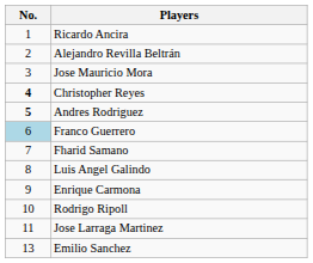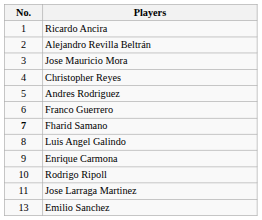 <table class="wikitable" style="text-align: center; width:25%">
 <tr>
 <th>No.</th>
 <th>Players</th>
 </tr>
 <tr>
 <td>1</td>
 <td align="left">Ricardo Ancira</td>
 </tr>
 <tr>
 <td>2</td>
 <td align="left">Alejandro Revilla Beltrán</td>
 </tr>
 <tr>
 <td>3</td>
 <td align="left">Jose Mauricio Mora</td>
 </tr>
 <tr>
-<td><strong>4</strong></td>
+<td>4</td>
 <td align="left">Christopher Reyes</td>
 </tr>
 <tr>
-<td><strong>5</strong></td>
+<td>5</td>
 <td align="left">Andres Rodriguez</td>
 </tr>
 <tr>
-<td style="background: lightblue;">6</td>
+<td>6</td>
 <td align="left">Franco Guerrero</td>
 </tr>
 <tr>
-<td>7</td>
+<td><strong>7</strong></td>
 <td align="left">Fharid Samano</td>
 </tr>
 <tr>
 <td>8</td>
 <td align="left">Luis Angel Galindo</td>
 </tr>
 <tr>
 <td>9</td>
 <td align="left">Enrique Carmona</td>
 </tr>
 <tr>
 <td>10</td>
 <td align="left">Rodrigo Ripoll</td>
 </tr>
 <tr>
 <td>11</td>
 <td align="left">Jose Larraga Martinez</td>
 </tr>
 <tr>
 <td>13</td>
 <td align="left">Emilio Sanchez</td>
 </tr>
 </table>
